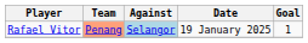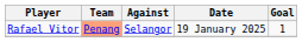 <table class="wikitable" style="text-align:center">
 <tr>
 <th>Player</th>
 <th>Team</th>
 <th>Against</th>
 <th>Date</th>
 <th>Goal</th>
 </tr>
 <tr>
 <td style="text-align:left;"> <a href='#'>Rafael Vitor</a></td>
 <td style="background: lightsalmon;"><a href='#'>Penang</a></td>
-<td style="background: lightblue;"><a href='#'>Selangor</a></td>
+<td><a href='#'>Selangor</a></td>
 <td>19 January 2025</td>
 <td>1</td>
 </tr>
 <tr>
 </tr>
 </table>
